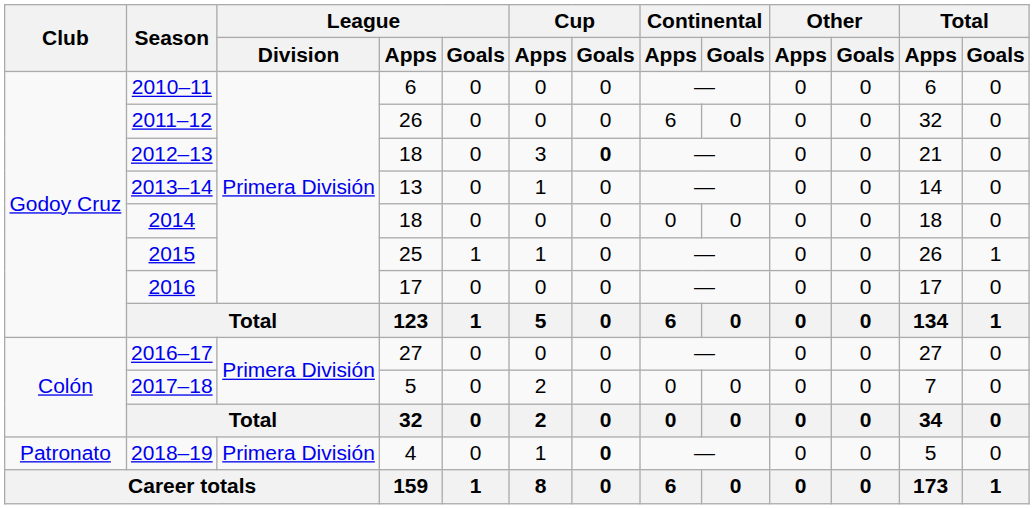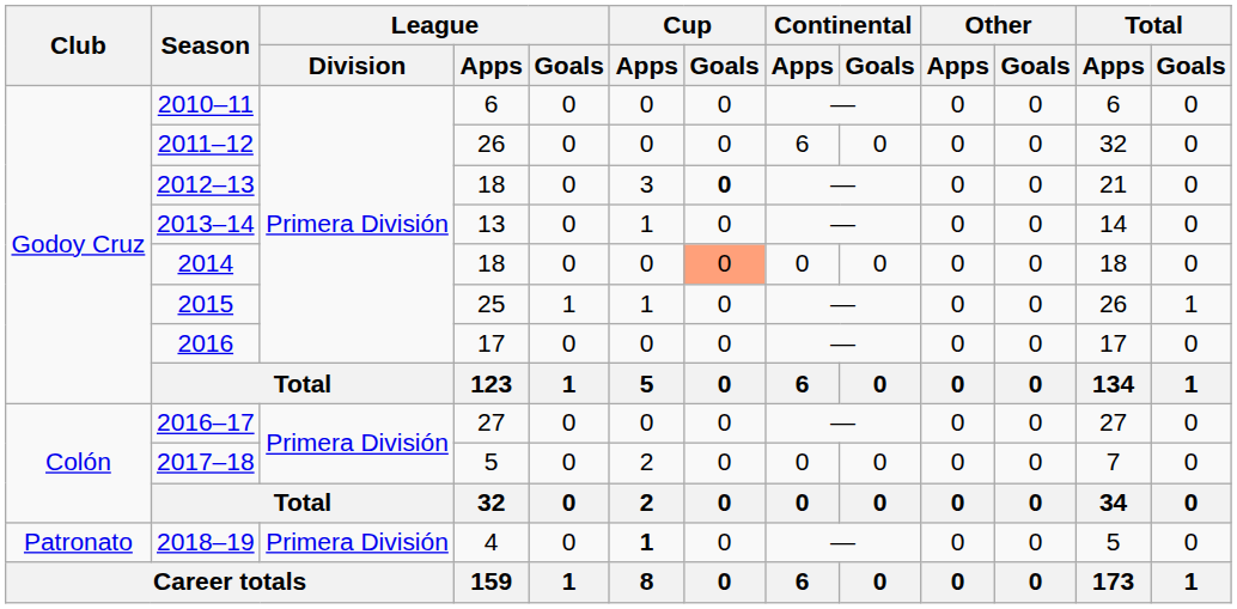 <table class="wikitable" style="text-align: center">
 <tr>
 <th rowspan=2>Club</th>
 <th rowspan=2>Season</th>
 <th colspan=3>League</th>
 <th colspan=2>Cup</th>
 <th colspan=2>Continental</th>
 <th colspan=2>Other</th>
 <th colspan=2>Total</th>
 </tr>
 <tr>
 <th>Division</th>
 <th>Apps</th>
 <th>Goals</th>
 <th>Apps</th>
 <th>Goals</th>
 <th>Apps</th>
 <th>Goals</th>
 <th>Apps</th>
 <th>Goals</th>
 <th>Apps</th>
 <th>Goals</th>
 </tr>
 <tr>
 <td rowspan=8><a href='#'>Godoy Cruz</a></td>
 <td><a href='#'>2010–11</a></td>
 <td rowspan=7><a href='#'>Primera División</a></td>
 <td>6</td>
 <td>0</td>
 <td>0</td>
 <td>0</td>
 <td colspan="2">—</td>
 <td>0</td>
 <td>0</td>
 <td>6</td>
 <td>0</td>
 </tr>
 <tr>
 <td><a href='#'>2011–12</a></td>
 <td>26</td>
 <td>0</td>
 <td>0</td>
 <td>0</td>
 <td>6</td>
 <td>0</td>
 <td>0</td>
 <td>0</td>
 <td>32</td>
 <td>0</td>
 </tr>
 <tr>
 <td><a href='#'>2012–13</a></td>
 <td>18</td>
 <td>0</td>
 <td>3</td>
 <td><strong>0</strong></td>
 <td colspan="2">—</td>
 <td>0</td>
 <td>0</td>
 <td>21</td>
 <td>0</td>
 </tr>
 <tr>
 <td><a href='#'>2013–14</a></td>
 <td>13</td>
 <td>0</td>
 <td>1</td>
 <td>0</td>
 <td colspan="2">—</td>
 <td>0</td>
 <td>0</td>
 <td>14</td>
 <td>0</td>
 </tr>
 <tr>
 <td><a href='#'>2014</a></td>
 <td>18</td>
 <td>0</td>
 <td>0</td>
-<td>0</td>
+<td style="background: lightsalmon;">0</td>
 <td>0</td>
 <td>0</td>
 <td>0</td>
 <td>0</td>
 <td>18</td>
 <td>0</td>
 </tr>
 <tr>
 <td><a href='#'>2015</a></td>
 <td>25</td>
 <td>1</td>
 <td>1</td>
 <td>0</td>
 <td colspan="2">—</td>
 <td>0</td>
 <td>0</td>
 <td>26</td>
 <td>1</td>
 </tr>
 <tr>
 <td><a href='#'>2016</a></td>
 <td>17</td>
 <td>0</td>
 <td>0</td>
 <td>0</td>
 <td colspan="2">—</td>
 <td>0</td>
 <td>0</td>
 <td>17</td>
 <td>0</td>
 </tr>
 <tr>
 <th colspan=2>Total</th>
 <th>123</th>
 <th>1</th>
 <th>5</th>
 <th>0</th>
 <th>6</th>
 <th>0</th>
 <th>0</th>
 <th>0</th>
 <th>134</th>
 <th>1</th>
 </tr>
 <tr>
 <td rowspan=3><a href='#'>Colón</a></td>
 <td><a href='#'>2016–17</a></td>
 <td rowspan=2><a href='#'>Primera División</a></td>
 <td>27</td>
 <td>0</td>
 <td>0</td>
 <td>0</td>
 <td colspan="2">—</td>
 <td>0</td>
 <td>0</td>
 <td>27</td>
 <td>0</td>
 </tr>
 <tr>
 <td><a href='#'>2017–18</a></td>
 <td>5</td>
 <td>0</td>
 <td>2</td>
 <td>0</td>
 <td>0</td>
 <td>0</td>
 <td>0</td>
 <td>0</td>
 <td>7</td>
 <td>0</td>
 </tr>
 <tr>
 <th colspan=2>Total</th>
 <th>32</th>
 <th>0</th>
 <th>2</th>
 <th>0</th>
 <th>0</th>
 <th>0</th>
 <th>0</th>
 <th>0</th>
 <th>34</th>
 <th>0</th>
 </tr>
 <tr>
 <td rowspan=1><a href='#'>Patronato</a></td>
 <td><a href='#'>2018–19</a></td>
 <td rowspan=1><a href='#'>Primera División</a></td>
 <td>4</td>
 <td>0</td>
-<td>1</td>
-<td><strong>0</strong></td>
+<td><strong>1</strong></td>
+<td>0</td>
 <td colspan="2">—</td>
 <td>0</td>
 <td>0</td>
 <td>5</td>
 <td>0</td>
 </tr>
 <tr>
 <th colspan=3>Career totals</th>
 <th>159</th>
 <th>1</th>
 <th>8</th>
 <th>0</th>
 <th>6</th>
 <th>0</th>
 <th>0</th>
 <th>0</th>
 <th>173</th>
 <th>1</th>
 </tr>
 </table>
